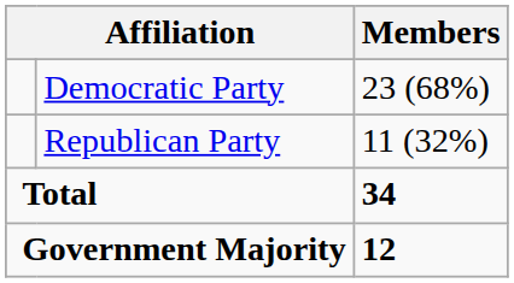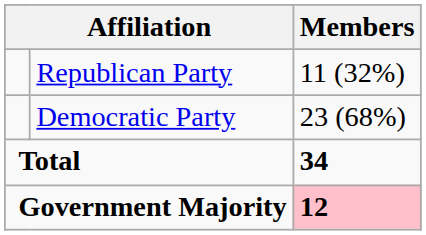 <table class="wikitable">
 <tr>
 <th colspan="2">Affiliation</th>
 <th>Members</th>
 </tr>
 <tr>
 <td style="background-color:"> </td>
-<td><a href='#'>Democratic Party</a></td>
-<td>23 (68%)</td>
+<td><a href='#'>Republican Party</a></td>
+<td>11 (32%)</td>
 </tr>
 <tr>
 <td style="background-color:"> </td>
-<td><a href='#'>Republican Party</a></td>
-<td>11 (32%)</td>
+<td><a href='#'>Democratic Party</a></td>
+<td>23 (68%)</td>
 </tr>
 <tr>
 <td colspan="2" rowspan="1"> <strong>Total</strong><br></td>
 <td><strong>34</strong></td>
 </tr>
 <tr>
 <td colspan="2" rowspan="1"> <strong>Government Majority</strong><br></td>
-<td><strong>12</strong></td>
+<td style="background: pink;"><strong>12</strong></td>
 </tr>
 </table>
